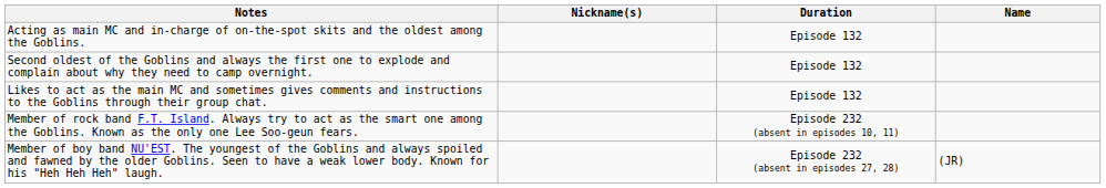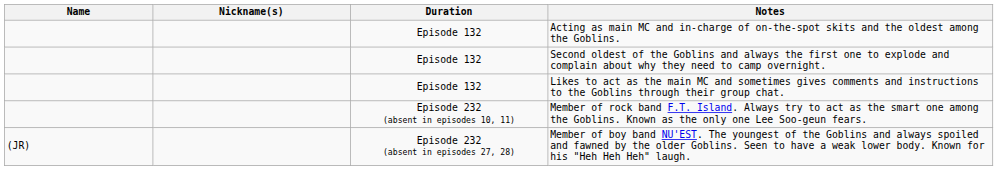 <table class="wikitable" style="font-size:95%;">
 <tr>
-<th style="width:45%;">Notes</th>
+<th style="width:15%;">Name</th>
 <th style="width:20%;">Nickname(s)</th>
 <th style="width:20%;">Duration</th>
-<th style="width:15%;">Name</th>
+<th style="width:45%;">Notes</th>
 </tr>
 <tr>
-<td>Acting as main MC and in-charge of on-the-spot skits and the oldest among the Goblins.</td>
+<td></td>
 <td></td>
 <td style="text-align:center;">Episode 132</td>
-<td></td>
+<td>Acting as main MC and in-charge of on-the-spot skits and the oldest among the Goblins.</td>
 </tr>
 <tr>
-<td>Second oldest of the Goblins and always the first one to explode and complain about why they need to camp overnight.</td>
+<td></td>
 <td></td>
 <td style="text-align:center;">Episode 132</td>
-<td></td>
+<td>Second oldest of the Goblins and always the first one to explode and complain about why they need to camp overnight.</td>
 </tr>
 <tr>
-<td>Likes to act as the main MC and sometimes gives comments and instructions to the Goblins through their group chat.</td>
+<td></td>
 <td></td>
 <td style="text-align:center;">Episode 132</td>
-<td></td>
+<td>Likes to act as the main MC and sometimes gives comments and instructions to the Goblins through their group chat.</td>
 </tr>
 <tr>
-<td>Member of rock band <a href='#'>F.T. Island</a>. Always try to act as the smart one among the Goblins. Known as the only one Lee Soo-geun fears.</td>
+<td></td>
 <td></td>
 <td style="text-align:center;">Episode 232<br><small>(absent in episodes 10, 11)</small></td>
-<td></td>
+<td>Member of rock band <a href='#'>F.T. Island</a>. Always try to act as the smart one among the Goblins. Known as the only one Lee Soo-geun fears.</td>
 </tr>
 <tr>
-<td>Member of boy band <a href='#'>NU'EST</a>. The youngest of the Goblins and always spoiled and fawned by the older Goblins. Seen to have a weak lower body. Known for his "Heh Heh Heh" laugh.</td>
+<td> (JR)</td>
 <td></td>
 <td style="text-align:center;">Episode 232<br><small>(absent in episodes 27, 28)</small></td>
-<td> (JR)</td>
+<td>Member of boy band <a href='#'>NU'EST</a>. The youngest of the Goblins and always spoiled and fawned by the older Goblins. Seen to have a weak lower body. Known for his "Heh Heh Heh" laugh.</td>
 </tr>
 </table>
